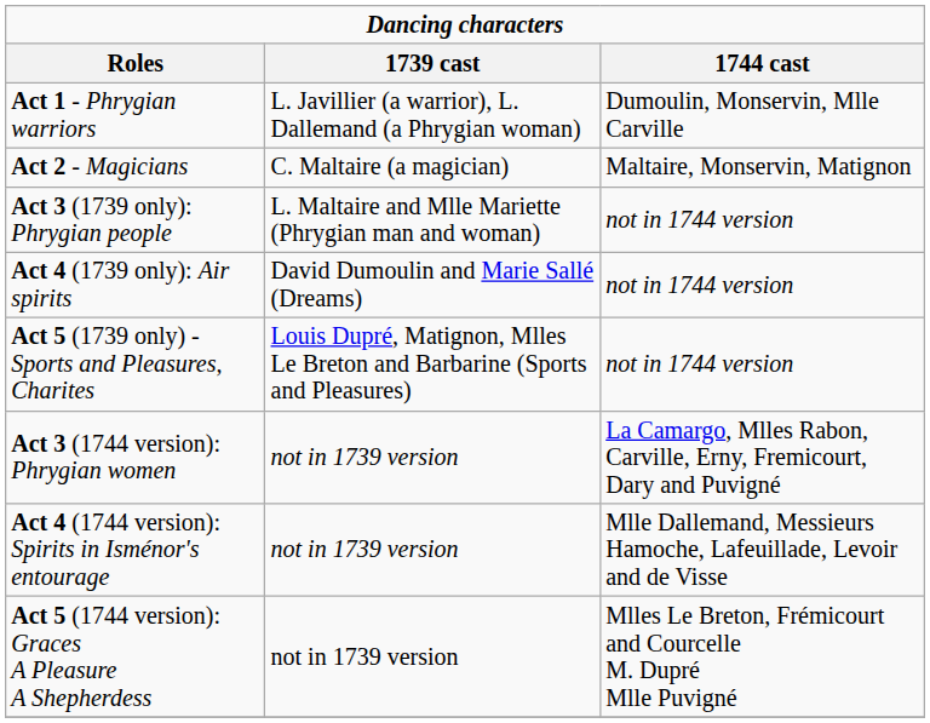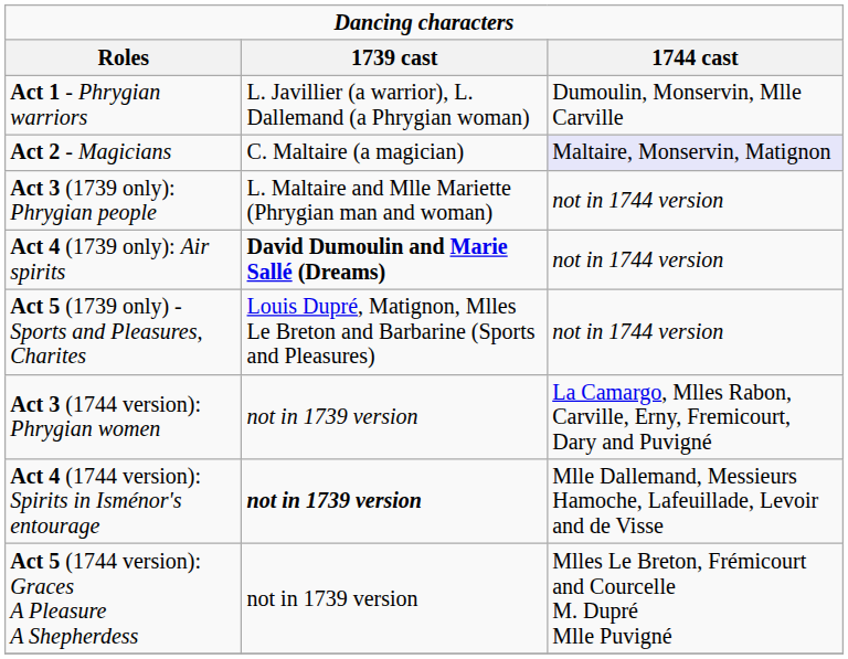 <table class="wikitable">
 <tr>
 <td colspan="3" style="text-align:center;"><strong><em>Dancing characters</em></strong></td>
 </tr>
 <tr>
 <th>Roles</th>
 <th>1739 cast</th>
 <th>1744 cast</th>
 </tr>
 <tr>
 <td><strong>Act 1</strong> - <em>Phrygian warriors</em></td>
 <td>L. Javillier (a warrior), L. Dallemand (a Phrygian woman)</td>
 <td>Dumoulin, Monservin, Mlle Carville</td>
 </tr>
 <tr>
 <td><strong>Act 2</strong> - <em>Magicians</em></td>
 <td>C. Maltaire (a magician)</td>
-<td>Maltaire, Monservin, Matignon</td>
+<td style="background: lavender;">Maltaire, Monservin, Matignon</td>
 </tr>
 <tr>
 <td><strong>Act 3</strong> (1739 only): <em>Phrygian people</em></td>
 <td>L. Maltaire and Mlle Mariette (Phrygian man and woman)</td>
 <td><em>not in 1744 version</em></td>
 </tr>
 <tr>
 <td><strong>Act 4</strong> (1739 only): <em>Air spirits</em></td>
-<td>David Dumoulin and <a href='#'>Marie Sallé</a> (Dreams)</td>
+<td><strong>David Dumoulin and <a href='#'>Marie Sallé</a> (Dreams)</strong></td>
 <td><em>not in 1744 version</em></td>
 </tr>
 <tr>
 <td><strong>Act 5</strong> (1739 only) - <em>Sports and Pleasures, Charites</em></td>
 <td><a href='#'>Louis Dupré</a>, Matignon, Mlles Le Breton and Barbarine (Sports and Pleasures)</td>
 <td><em>not in 1744 version</em></td>
 </tr>
 <tr>
 <td><strong>Act 3</strong> (1744 version): <em>Phrygian women</em></td>
 <td><em>not in 1739 version</em></td>
 <td><a href='#'>La Camargo</a>, Mlles Rabon, Carville, Erny, Fremicourt, Dary and Puvigné</td>
 </tr>
 <tr>
 <td><strong>Act 4</strong> (1744 version): <em>Spirits in Isménor's entourage</em></td>
-<td><em>not in 1739 version</em></td>
+<td><strong><em>not in 1739 version</em></strong></td>
 <td>Mlle Dallemand, Messieurs Hamoche, Lafeuillade, Levoir and de Visse</td>
 </tr>
 <tr>
 <td><strong>Act 5</strong> (1744 version): <em>Graces</em><br> <em>A Pleasure</em><br><em>A Shepherdess</td>
 <td></em>not in 1739 version<em></td>
 <td>Mlles Le Breton, Frémicourt and Courcelle<br>M. Dupré<br>Mlle Puvigné</td>
 </tr>
 <tr>
 </tr>
 </table>
